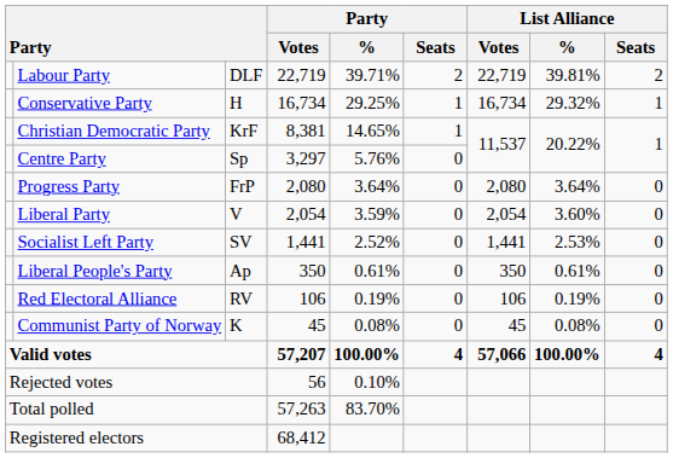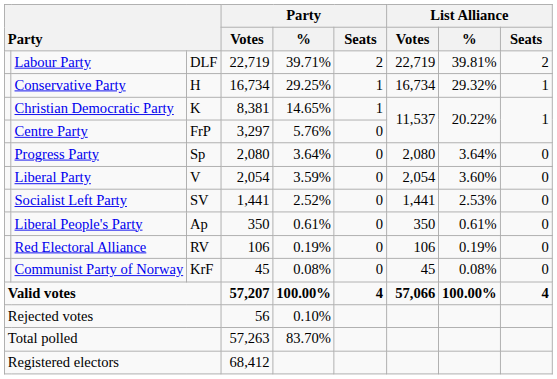 <table class="wikitable" border="1" style="text-align:right;">
 <tr>
 <th style="text-align:left;" valign=bottom rowspan=2 colspan=3>Party</th>
 <th colspan=3>Party</th>
 <th colspan=3>List Alliance</th>
 </tr>
 <tr>
 <th align=center valign=bottom width="50">Votes</th>
 <th align=center valign=bottom width="50">%</th>
 <th align=center valign=bottom width="50">Seats</th>
 <th align=center valign=bottom width="50">Votes</th>
 <th align=center valign=bottom width="50">%</th>
 <th align=center valign=bottom width="50">Seats</th>
 </tr>
 <tr>
 <td style="color:inherit;background:"></td>
 <td align=left><a href='#'>Labour Party</a></td>
 <td align=left>DLF</td>
 <td>22,719</td>
 <td>39.71%</td>
 <td>2</td>
 <td>22,719</td>
 <td>39.81%</td>
 <td>2</td>
 </tr>
 <tr>
 <td style="color:inherit;background:"></td>
 <td align=left><a href='#'>Conservative Party</a></td>
 <td align=left>H</td>
 <td>16,734</td>
 <td>29.25%</td>
 <td>1</td>
 <td>16,734</td>
 <td>29.32%</td>
 <td>1</td>
 </tr>
 <tr>
 <td style="color:inherit;background:"></td>
 <td align=left><a href='#'>Christian Democratic Party</a></td>
-<td align=left>KrF</td>
+<td align=left>K</td>
 <td>8,381</td>
 <td>14.65%</td>
 <td>1</td>
 <td rowspan=2>11,537</td>
 <td rowspan=2>20.22%</td>
 <td rowspan=2>1</td>
 </tr>
 <tr>
 <td style="color:inherit;background:"></td>
 <td align=left><a href='#'>Centre Party</a></td>
-<td align=left>Sp</td>
+<td align=left>FrP</td>
 <td>3,297</td>
 <td>5.76%</td>
 <td>0</td>
 </tr>
 <tr>
 <td style="color:inherit;background:"></td>
 <td align=left><a href='#'>Progress Party</a></td>
-<td align=left>FrP</td>
+<td align=left>Sp</td>
 <td>2,080</td>
 <td>3.64%</td>
 <td>0</td>
 <td>2,080</td>
 <td>3.64%</td>
 <td>0</td>
 </tr>
 <tr>
 <td style="color:inherit;background:"></td>
 <td align=left><a href='#'>Liberal Party</a></td>
 <td align=left>V</td>
 <td>2,054</td>
 <td>3.59%</td>
 <td>0</td>
 <td>2,054</td>
 <td>3.60%</td>
 <td>0</td>
 </tr>
 <tr>
 <td style="color:inherit;background:"></td>
 <td align=left><a href='#'>Socialist Left Party</a></td>
 <td align=left>SV</td>
 <td>1,441</td>
 <td>2.52%</td>
 <td>0</td>
 <td>1,441</td>
 <td>2.53%</td>
 <td>0</td>
 </tr>
 <tr>
 <td style="color:inherit;background:"></td>
 <td align=left><a href='#'>Liberal People's Party</a></td>
 <td align=left>Ap</td>
 <td>350</td>
 <td>0.61%</td>
 <td>0</td>
 <td>350</td>
 <td>0.61%</td>
 <td>0</td>
 </tr>
 <tr>
 <td style="color:inherit;background:"></td>
 <td align=left><a href='#'>Red Electoral Alliance</a></td>
 <td align=left>RV</td>
 <td>106</td>
 <td>0.19%</td>
 <td>0</td>
 <td>106</td>
 <td>0.19%</td>
 <td>0</td>
 </tr>
 <tr>
 <td style="color:inherit;background:"></td>
 <td align=left><a href='#'>Communist Party of Norway</a></td>
-<td align=left>K</td>
+<td align=left>KrF</td>
 <td>45</td>
 <td>0.08%</td>
 <td>0</td>
 <td>45</td>
 <td>0.08%</td>
 <td>0</td>
 </tr>
 <tr style="font-weight:bold">
 <td align=left colspan=3>Valid votes</td>
 <td>57,207</td>
 <td>100.00%</td>
 <td>4</td>
 <td>57,066</td>
 <td>100.00%</td>
 <td>4</td>
 </tr>
 <tr>
 <td align=left colspan=3>Rejected votes</td>
 <td>56</td>
 <td>0.10%</td>
 <td></td>
 <td></td>
 <td></td>
 <td></td>
 </tr>
 <tr>
 <td align=left colspan=3>Total polled</td>
 <td>57,263</td>
 <td>83.70%</td>
 <td></td>
 <td></td>
 <td></td>
 <td></td>
 </tr>
 <tr>
 <td align=left colspan=3>Registered electors</td>
 <td>68,412</td>
 <td></td>
 <td></td>
 <td></td>
 <td></td>
 </tr>
 </table>
